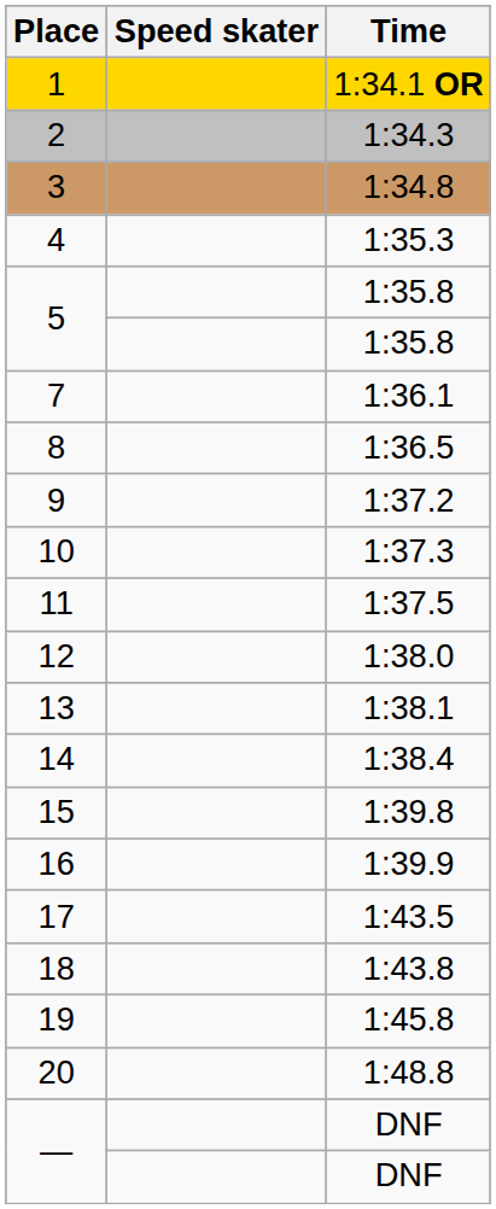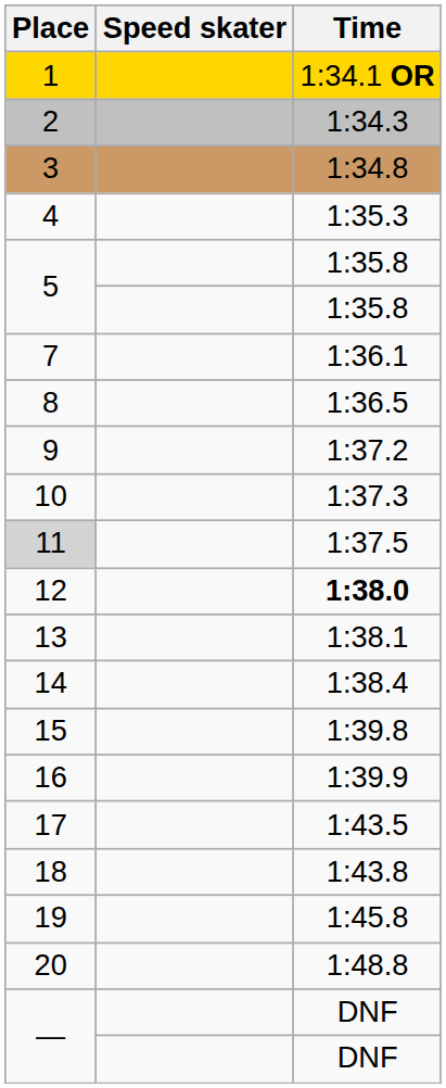 <table class="wikitable" style="text-align:center">
 <tr>
 <th>Place</th>
 <th>Speed skater</th>
 <th>Time</th>
 </tr>
 <tr bgcolor=gold>
 <td>1</td>
 <td align=left></td>
 <td>1:34.1 <strong>OR</strong></td>
 </tr>
 <tr bgcolor=silver>
 <td>2</td>
 <td align=left></td>
 <td>1:34.3</td>
 </tr>
 <tr bgcolor=cc9966>
 <td>3</td>
 <td align=left></td>
 <td>1:34.8</td>
 </tr>
 <tr>
 <td>4</td>
 <td align=left></td>
 <td>1:35.3</td>
 </tr>
 <tr>
 <td rowspan=2>5</td>
 <td align=left></td>
 <td>1:35.8</td>
 </tr>
 <tr>
 <td align=left></td>
 <td>1:35.8</td>
 </tr>
 <tr>
 <td>7</td>
 <td align=left></td>
 <td>1:36.1</td>
 </tr>
 <tr>
 <td>8</td>
 <td align=left></td>
 <td>1:36.5</td>
 </tr>
 <tr>
 <td>9</td>
 <td align=left></td>
 <td>1:37.2</td>
 </tr>
 <tr>
 <td>10</td>
 <td align=left></td>
 <td>1:37.3</td>
 </tr>
 <tr>
-<td>11</td>
+<td style="background: lightgrey;">11</td>
 <td align=left></td>
 <td>1:37.5</td>
 </tr>
 <tr>
 <td>12</td>
 <td align=left></td>
-<td>1:38.0</td>
+<td><strong>1:38.0</strong></td>
 </tr>
 <tr>
 <td>13</td>
 <td align=left></td>
 <td>1:38.1</td>
 </tr>
 <tr>
 <td>14</td>
 <td align=left></td>
 <td>1:38.4</td>
 </tr>
 <tr>
 <td>15</td>
 <td align=left></td>
 <td>1:39.8</td>
 </tr>
 <tr>
 <td>16</td>
 <td align=left></td>
 <td>1:39.9</td>
 </tr>
 <tr>
 <td>17</td>
 <td align=left></td>
 <td>1:43.5</td>
 </tr>
 <tr>
 <td>18</td>
 <td align=left></td>
 <td>1:43.8</td>
 </tr>
 <tr>
 <td>19</td>
 <td align=left></td>
 <td>1:45.8</td>
 </tr>
 <tr>
 <td>20</td>
 <td Align=left></td>
 <td>1:48.8</td>
 </tr>
 <tr>
 <td rowspan=2>—</td>
 <td align=left></td>
 <td>DNF</td>
 </tr>
 <tr>
 <td align=left></td>
 <td>DNF</td>
 </tr>
 </table>
